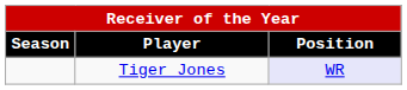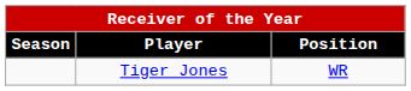 <table class="wikitable sortable" style="text-align:center">
 <tr>
 <td colspan="4" style="background:#CD0000; color:white;"><strong>Receiver of the Year</strong></td>
 </tr>
 <tr>
 <th style="width:50px; background:black; color:white;">Season</th>
 <th style="width:150px; background:black; color:white;">Player</th>
 <th style="width:100px; background:black; color:white;">Position</th>
 </tr>
 <tr>
 <td></td>
 <td><a href='#'>Tiger Jones</a></td>
-<td style="background: lavender;"><a href='#'>WR</a></td>
+<td><a href='#'>WR</a></td>
 </tr>
 </table>
